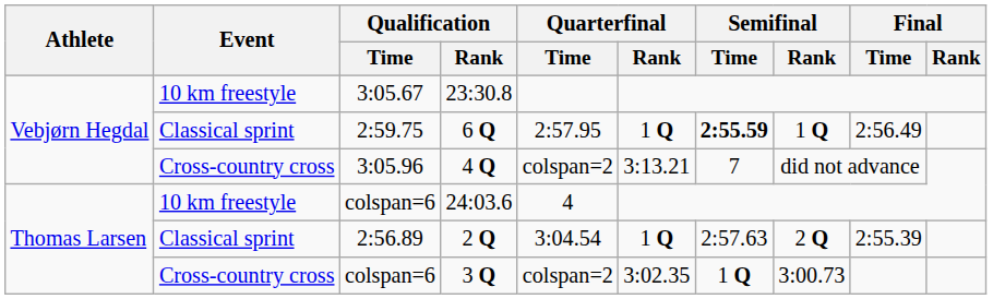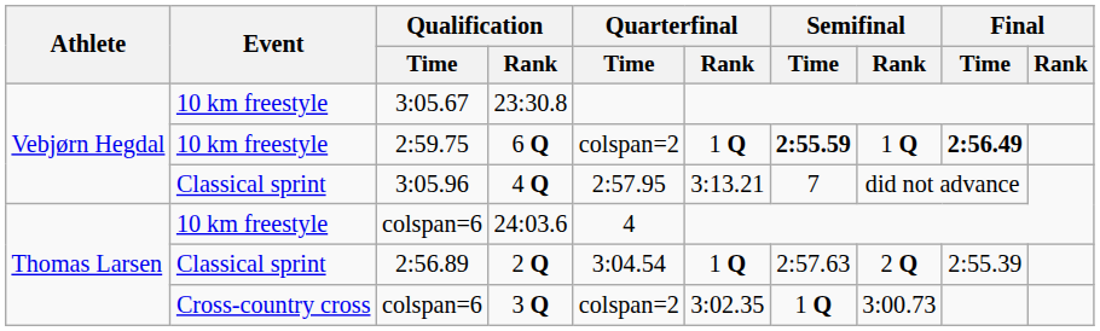 <table class="wikitable" style="font-size:90%">
 <tr>
 <th rowspan="2">Athlete</th>
 <th rowspan="2">Event</th>
 <th colspan="2">Qualification</th>
 <th colspan="2">Quarterfinal</th>
 <th colspan="2">Semifinal</th>
 <th colspan="2">Final</th>
 </tr>
 <tr style="font-size:95%">
 <th>Time</th>
 <th>Rank</th>
 <th>Time</th>
 <th>Rank</th>
 <th>Time</th>
 <th>Rank</th>
 <th>Time</th>
 <th>Rank</th>
 </tr>
 <tr align=center>
 <td align=left rowspan=3><a href='#'>Vebjørn Hegdal</a></td>
 <td align=left><a href='#'>10 km freestyle</a></td>
 <td>3:05.67</td>
 <td>23:30.8</td>
 <td></td>
 </tr>
 <tr align=center>
-<td align=left><a href='#'>Classical sprint</a></td>
+<td align=left><a href='#'>10 km freestyle</a></td>
 <td>2:59.75</td>
 <td>6 <strong>Q</strong></td>
-<td>2:57.95</td>
+<td>colspan=2 </td>
 <td>1 <strong>Q</strong></td>
 <td><strong>2:55.59</strong></td>
 <td>1 <strong>Q</strong></td>
-<td>2:56.49</td>
+<td><strong>2:56.49</strong></td>
 <td></td>
 </tr>
 <tr align=center>
-<td align=left><a href='#'>Cross-country cross</a></td>
+<td align=left><a href='#'>Classical sprint</a></td>
 <td>3:05.96</td>
 <td>4 <strong>Q</strong></td>
-<td>colspan=2 </td>
+<td>2:57.95</td>
 <td>3:13.21</td>
 <td>7</td>
 <td colspan=2>did not advance</td>
 </tr>
 <tr align=center>
 <td align=left rowspan=3><a href='#'>Thomas Larsen</a></td>
 <td align=left><a href='#'>10 km freestyle</a></td>
 <td>colspan=6 </td>
 <td>24:03.6</td>
 <td>4</td>
 </tr>
 <tr align=center>
 <td align=left><a href='#'>Classical sprint</a></td>
 <td>2:56.89</td>
 <td>2 <strong>Q</strong></td>
 <td>3:04.54</td>
 <td>1 <strong>Q</strong></td>
 <td>2:57.63</td>
 <td>2 <strong>Q</strong></td>
 <td>2:55.39</td>
 <td></td>
 </tr>
 <tr align=center>
 <td align=left><a href='#'>Cross-country cross</a></td>
 <td>colspan=6 </td>
 <td>3 <strong>Q</strong></td>
 <td>colspan=2 </td>
 <td>3:02.35</td>
 <td>1 <strong>Q</strong></td>
 <td>3:00.73</td>
 <td></td>
 </tr>
 </table>
